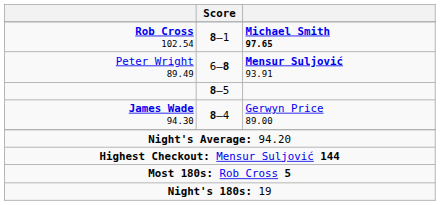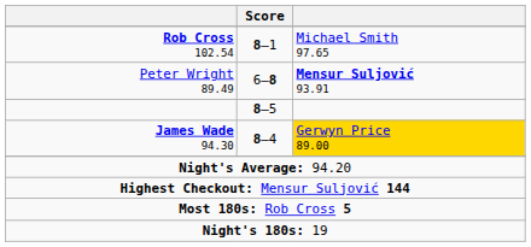 <table class=wikitable style="text-align:center">
 <tr>
 <th width=225></th>
 <th width=50>Score</th>
 <th width=225></th>
 </tr>
 <tr align=center>
 </tr>
 <tr align=left>
 <td align=right><strong><a href='#'>Rob Cross</a></strong>  <br><small><span>102.54</span></small></td>
 <td align=center><strong>8</strong>–1</td>
-<td><strong> <a href='#'>Michael Smith</a> <br><small><span>97.65</span></small></strong></td>
+<td> <a href='#'>Michael Smith</a> <br><small><span>97.65</span></small></td>
 </tr>
 <tr align=left>
 <td align=right><a href='#'>Peter Wright</a>  <br><small><span>89.49</span></small></td>
 <td align=center>6–<strong>8</strong></td>
 <td> <strong><a href='#'>Mensur Suljović</a></strong> <br><small><span>93.91</span></small></td>
 </tr>
 <tr align=left>
 <td align=right></td>
 <td align=center><strong>8</strong>–5</td>
 <td></td>
 </tr>
 <tr align=left>
 <td align=right><strong><a href='#'>James Wade</a></strong>  <br><small><span>94.30</span></small></td>
 <td align=center><strong>8</strong>–4</td>
-<td> <a href='#'>Gerwyn Price</a> <br><small><span>89.00</span></small></td>
+<td style="background: gold;"> <a href='#'>Gerwyn Price</a> <br><small><span>89.00</span></small></td>
 </tr>
 <tr align=center>
 </tr>
 <tr align=center>
 <td colspan="3"><strong>Night's Average:</strong> 94.20</td>
 </tr>
 <tr align=center>
 <td colspan="3"><strong>Highest Checkout:</strong>  <a href='#'>Mensur Suljović</a> <strong>144</strong></td>
 </tr>
 <tr align=center>
 <td colspan="3"><strong>Most 180s:</strong>  <a href='#'>Rob Cross</a> <strong>5</strong></td>
 </tr>
 <tr align=center>
 <td colspan="3"><strong>Night's 180s:</strong> 19</td>
 </tr>
 </table>
